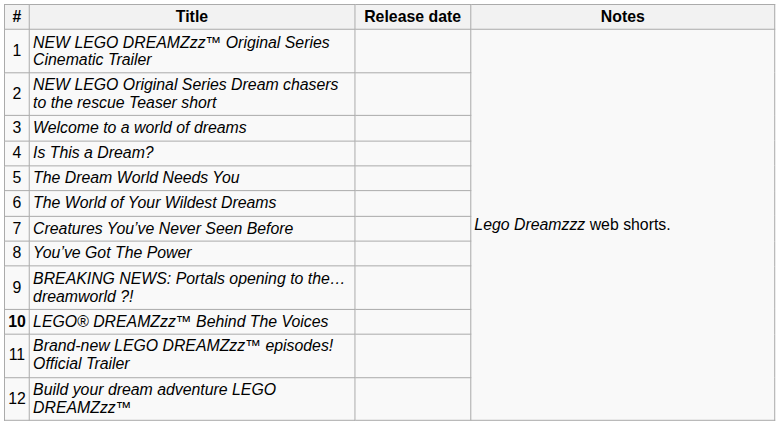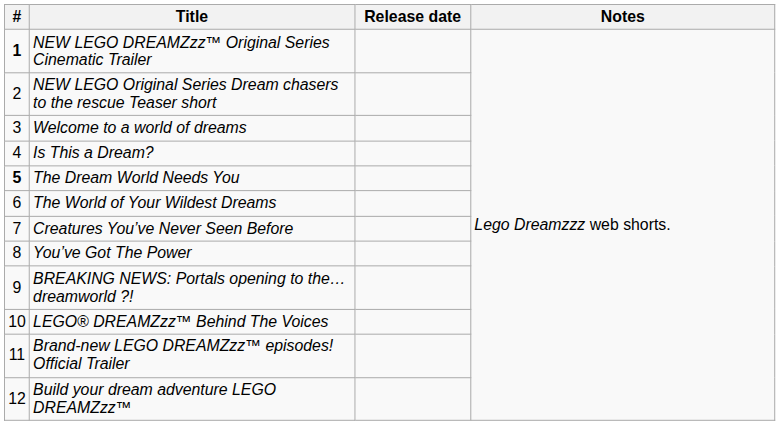 <table class="wikitable sortable">
 <tr>
 <th width=10>#</th>
 <th width=321>Title</th>
 <th width=110>Release date</th>
 <th width=300>Notes</th>
 </tr>
 <tr>
-<td align="center">1</td>
+<td align="center"><strong>1</strong></td>
 <td><em>NEW LEGO DREAMZzz™ Original Series Cinematic Trailer</em></td>
 <td align="right"></td>
 <td rowspan="20"><em>Lego Dreamzzz</em> web shorts.</td>
 </tr>
 <tr>
 <td align="center">2</td>
 <td><em>NEW LEGO Original Series Dream chasers to the rescue Teaser short</em></td>
 <td align="right"></td>
 </tr>
 <tr>
 <td align="center">3</td>
 <td><em>Welcome to a world of dreams</em></td>
 <td align="right"></td>
 </tr>
 <tr>
 <td align="center">4</td>
 <td><em>Is This a Dream?</em></td>
 <td align="right"></td>
 </tr>
 <tr>
-<td align="center">5</td>
+<td align="center"><strong>5</strong></td>
 <td><em>The Dream World Needs You</em></td>
 <td align="right"></td>
 </tr>
 <tr>
 <td align="center">6</td>
 <td><em>The World of Your Wildest Dreams</em></td>
 <td align="right"></td>
 </tr>
 <tr>
 <td align="center">7</td>
 <td><em>Creatures You’ve Never Seen Before</em></td>
 <td align="right"></td>
 </tr>
 <tr>
 <td align="center">8</td>
 <td><em>You’ve Got The Power</em></td>
 <td align="right"></td>
 </tr>
 <tr>
 <td align="center">9</td>
 <td><em>BREAKING NEWS: Portals opening to the… dreamworld ?!</em></td>
 <td align="right"></td>
 </tr>
 <tr>
-<td align="center"><strong>10</strong></td>
+<td align="center">10</td>
 <td><em>LEGO® DREAMZzz™  Behind The Voices</em></td>
 <td align="right"></td>
 </tr>
 <tr>
 <td align="center">11</td>
 <td><em>Brand-new LEGO DREAMZzz™ episodes! Official Trailer</em></td>
 <td align="right"></td>
 </tr>
 <tr>
 <td align="center">12</td>
 <td><em>Build your dream adventure LEGO DREAMZzz™</em></td>
 <td align="right"></td>
 </tr>
 </table>
